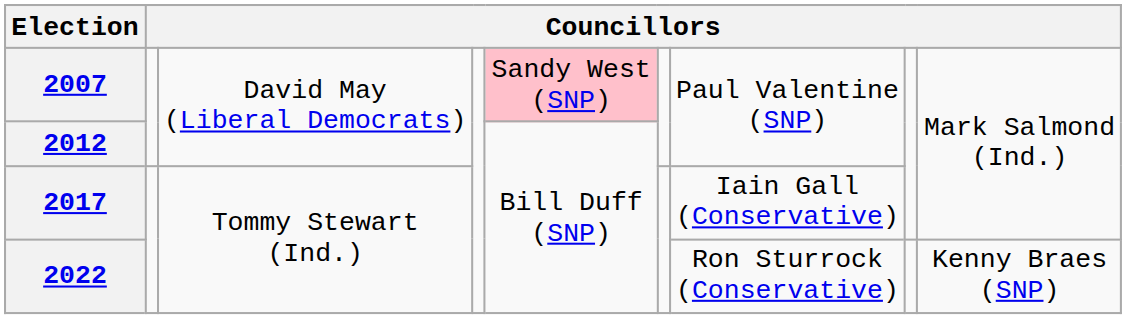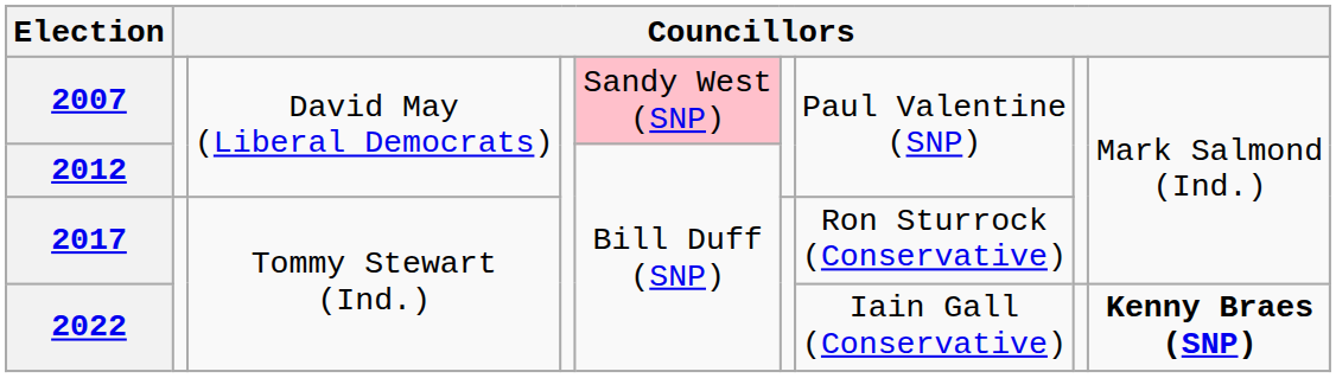 <table class="wikitable" style="text-align:center">
 <tr>
 <th>Election</th>
 <th colspan=8>Councillors</th>
 </tr>
 <tr>
 <th><a href='#'>2007</a></th>
 <td rowspan=2; style="background-color: "></td>
 <td rowspan=2>David May<br>(<a href='#'>Liberal Democrats</a>)</td>
 <td rowspan=4; style="background-color: "></td>
 <td rowspan=1 style="background: pink;">Sandy West<br>(<a href='#'>SNP</a>)</td>
 <td rowspan=2; style="background-color: "></td>
 <td rowspan=2>Paul Valentine<br>(<a href='#'>SNP</a>)</td>
 <td rowspan=3; style="background-color: "></td>
 <td rowspan=3>Mark Salmond<br>(Ind.)</td>
 </tr>
 <tr>
 <th><a href='#'>2012</a></th>
 <td rowspan=3>Bill Duff<br>(<a href='#'>SNP</a>)</td>
 </tr>
 <tr>
 <th><a href='#'>2017</a></th>
 <td rowspan=2; style="background-color: "></td>
 <td rowspan=2>Tommy Stewart<br>(Ind.)</td>
 <td rowspan=2; style="background-color: "></td>
-<td rowspan=1>Iain Gall<br>(<a href='#'>Conservative</a>)</td>
+<td rowspan=1>Ron Sturrock<br>(<a href='#'>Conservative</a>)</td>
 </tr>
 <tr>
 <th><a href='#'>2022</a></th>
-<td rowspan=1>Ron Sturrock<br>(<a href='#'>Conservative</a>)</td>
+<td rowspan=1>Iain Gall<br>(<a href='#'>Conservative</a>)</td>
 <td rowspan=1; style="background-color: "></td>
-<td rowspan=1>Kenny Braes<br>(<a href='#'>SNP</a>)</td>
+<td rowspan=1><strong>Kenny Braes<br>(<a href='#'>SNP</a>)</strong></td>
 </tr>
 </table>
